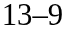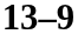 <table style="text-align:center">
 <tr>
 <th width=200></th>
 <th width=100></th>
 <th width=200></th>
 </tr>
 <tr>
 <td align=right><strong></strong></td>
-<td>13–9</td>
+<td><strong>13–9</strong></td>
 <td align=left></td>
 </tr>
 </table>
